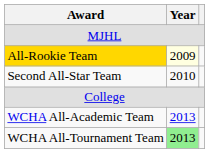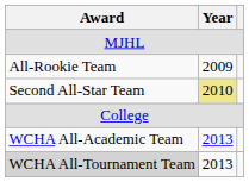 <table class="wikitable">
 <tr>
 <th>Award</th>
 <th>Year</th>
 <th></th>
 </tr>
 <tr ALIGN="center" bgcolor="#e0e0e0">
 <td colspan="3"><a href='#'>MJHL</a></td>
 </tr>
 <tr>
-<td style="background: gold;">All-Rookie Team</td>
-<td style="background: lightyellow;">2009</td>
+<td>All-Rookie Team</td>
+<td>2009</td>
 <td></td>
 </tr>
 <tr>
 <td>Second All-Star Team</td>
-<td>2010</td>
+<td style="background: khaki;">2010</td>
 <td></td>
 </tr>
 <tr ALIGN="center" bgcolor="#e0e0e0">
 <td colspan="3"><a href='#'>College</a></td>
 </tr>
 <tr>
 <td><a href='#'>WCHA</a> All-Academic Team</td>
 <td><a href='#'>2013</a></td>
 <td></td>
 </tr>
 <tr>
-<td>WCHA All-Tournament Team</td>
-<td style="background: lightgreen;">2013</td>
+<td style="background: lightgrey;">WCHA All-Tournament Team</td>
+<td>2013</td>
 <td></td>
 </tr>
 </table>
